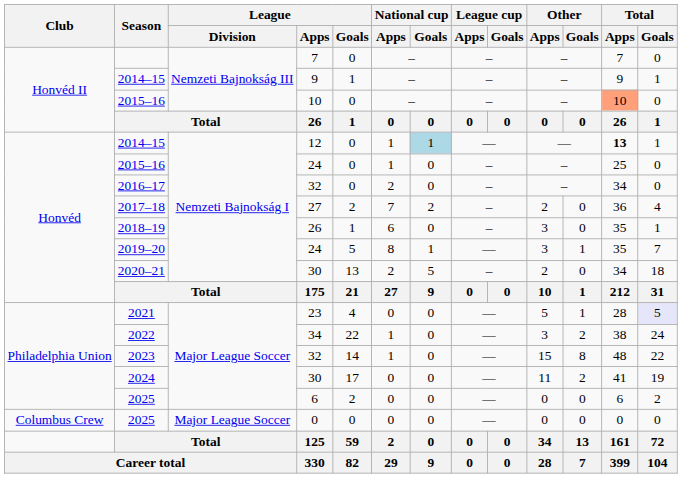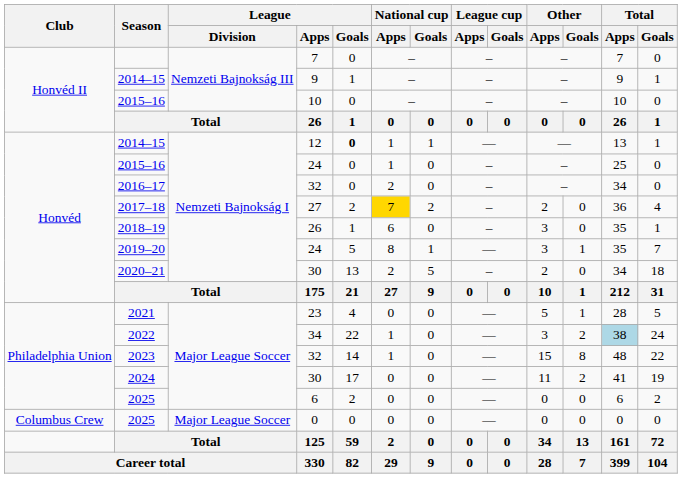 <table class="wikitable" style="text-align:center">
 <tr>
 <th rowspan="2">Club</th>
 <th rowspan="2">Season</th>
 <th colspan="3">League</th>
 <th colspan="2">National cup</th>
 <th colspan="2">League cup</th>
 <th colspan="2">Other</th>
 <th colspan="2">Total</th>
 </tr>
 <tr>
 <th>Division</th>
 <th>Apps</th>
 <th>Goals</th>
 <th>Apps</th>
 <th>Goals</th>
 <th>Apps</th>
 <th>Goals</th>
 <th>Apps</th>
 <th>Goals</th>
 <th>Apps</th>
 <th>Goals</th>
 </tr>
 <tr>
 <td rowspan="4"><a href='#'>Honvéd II</a></td>
 <td></td>
 <td rowspan="3"><a href='#'>Nemzeti Bajnokság III</a></td>
 <td>7</td>
 <td>0</td>
 <td colspan="2">–</td>
 <td colspan="2">–</td>
 <td colspan="2">–</td>
 <td>7</td>
 <td>0</td>
 </tr>
 <tr>
 <td><a href='#'>2014–15</a></td>
 <td>9</td>
 <td>1</td>
 <td colspan="2">–</td>
 <td colspan="2">–</td>
 <td colspan="2">–</td>
 <td>9</td>
 <td>1</td>
 </tr>
 <tr>
 <td><a href='#'>2015–16</a></td>
 <td>10</td>
 <td>0</td>
 <td colspan="2">–</td>
 <td colspan="2">–</td>
 <td colspan="2">–</td>
-<td style="background: lightsalmon;">10</td>
+<td>10</td>
 <td>0</td>
 </tr>
 <tr>
 <th colspan="2">Total</th>
 <th>26</th>
 <th>1</th>
 <th>0</th>
 <th>0</th>
 <th>0</th>
 <th>0</th>
 <th>0</th>
 <th>0</th>
 <th>26</th>
 <th>1</th>
 </tr>
 <tr>
 <td rowspan="8"><a href='#'>Honvéd</a></td>
 <td><a href='#'>2014–15</a></td>
 <td rowspan="7"><a href='#'>Nemzeti Bajnokság I</a></td>
 <td>12</td>
-<td>0</td>
+<td><strong>0</strong></td>
 <td>1</td>
-<td style="background: lightblue;">1</td>
+<td>1</td>
 <td colspan="2">—</td>
 <td colspan="2">—</td>
-<td><strong>13</strong></td>
+<td>13</td>
 <td>1</td>
 </tr>
 <tr>
 <td><a href='#'>2015–16</a></td>
 <td>24</td>
 <td>0</td>
 <td>1</td>
 <td>0</td>
 <td colspan="2">–</td>
 <td colspan="2">–</td>
 <td>25</td>
 <td>0</td>
 </tr>
 <tr>
 <td><a href='#'>2016–17</a></td>
 <td>32</td>
 <td>0</td>
 <td>2</td>
 <td>0</td>
 <td colspan="2">–</td>
 <td colspan="2">–</td>
 <td>34</td>
 <td>0</td>
 </tr>
 <tr>
 <td><a href='#'>2017–18</a></td>
 <td>27</td>
 <td>2</td>
-<td>7</td>
+<td style="background: gold;">7</td>
 <td>2</td>
 <td colspan="2">–</td>
 <td>2</td>
 <td>0</td>
 <td>36</td>
 <td>4</td>
 </tr>
 <tr>
 <td><a href='#'>2018–19</a></td>
 <td>26</td>
 <td>1</td>
 <td>6</td>
 <td>0</td>
 <td colspan="2">–</td>
 <td>3</td>
 <td>0</td>
 <td>35</td>
 <td>1</td>
 </tr>
 <tr>
 <td><a href='#'>2019–20</a></td>
 <td>24</td>
 <td>5</td>
 <td>8</td>
 <td>1</td>
 <td colspan="2">—</td>
 <td>3</td>
 <td>1</td>
 <td>35</td>
 <td>7</td>
 </tr>
 <tr>
 <td><a href='#'>2020–21</a></td>
 <td>30</td>
 <td>13</td>
 <td>2</td>
 <td>5</td>
 <td colspan="2">–</td>
 <td>2</td>
 <td>0</td>
 <td>34</td>
 <td>18</td>
 </tr>
 <tr>
 <th colspan="2">Total</th>
 <th>175</th>
 <th>21</th>
 <th>27</th>
 <th>9</th>
 <th>0</th>
 <th>0</th>
 <th>10</th>
 <th>1</th>
 <th>212</th>
 <th>31</th>
 </tr>
 <tr>
 <td rowspan="5"><a href='#'>Philadelphia Union</a></td>
 <td><a href='#'>2021</a></td>
 <td rowspan="5"><a href='#'>Major League Soccer</a></td>
 <td>23</td>
 <td>4</td>
 <td>0</td>
 <td>0</td>
 <td colspan="2">—</td>
 <td>5</td>
 <td>1</td>
 <td>28</td>
-<td style="background: lavender;">5</td>
+<td>5</td>
 </tr>
 <tr>
 <td><a href='#'>2022</a></td>
 <td>34</td>
 <td>22</td>
 <td>1</td>
 <td>0</td>
 <td colspan="2">—</td>
 <td>3</td>
 <td>2</td>
-<td>38</td>
+<td style="background: lightblue;">38</td>
 <td>24</td>
 </tr>
 <tr>
 <td><a href='#'>2023</a></td>
 <td>32</td>
 <td>14</td>
 <td>1</td>
 <td>0</td>
 <td colspan="2">—</td>
 <td>15</td>
 <td>8</td>
 <td>48</td>
 <td>22</td>
 </tr>
 <tr>
 <td><a href='#'>2024</a></td>
 <td>30</td>
 <td>17</td>
 <td>0</td>
 <td>0</td>
 <td colspan="2">—</td>
 <td>11</td>
 <td>2</td>
 <td>41</td>
 <td>19</td>
 </tr>
 <tr>
 <td><a href='#'>2025</a></td>
 <td>6</td>
 <td>2</td>
 <td>0</td>
 <td>0</td>
 <td colspan="2">—</td>
 <td>0</td>
 <td>0</td>
 <td>6</td>
 <td>2</td>
 </tr>
 <tr>
 <td><a href='#'>Columbus Crew</a></td>
 <td><a href='#'>2025</a></td>
 <td><a href='#'>Major League Soccer</a></td>
 <td>0</td>
 <td>0</td>
 <td>0</td>
 <td>0</td>
 <td colspan="2">—</td>
 <td>0</td>
 <td>0</td>
 <td>0</td>
 <td>0</td>
 </tr>
 <tr>
 <td></td>
 <th colspan="2">Total</th>
 <th>125</th>
 <th>59</th>
 <th>2</th>
 <th>0</th>
 <th>0</th>
 <th>0</th>
 <th>34</th>
 <th>13</th>
 <th>161</th>
 <th>72</th>
 </tr>
 <tr>
 <th colspan="3">Career total</th>
 <th>330</th>
 <th>82</th>
 <th>29</th>
 <th>9</th>
 <th>0</th>
 <th>0</th>
 <th>28</th>
 <th>7</th>
 <th>399</th>
 <th>104</th>
 </tr>
 </table>
